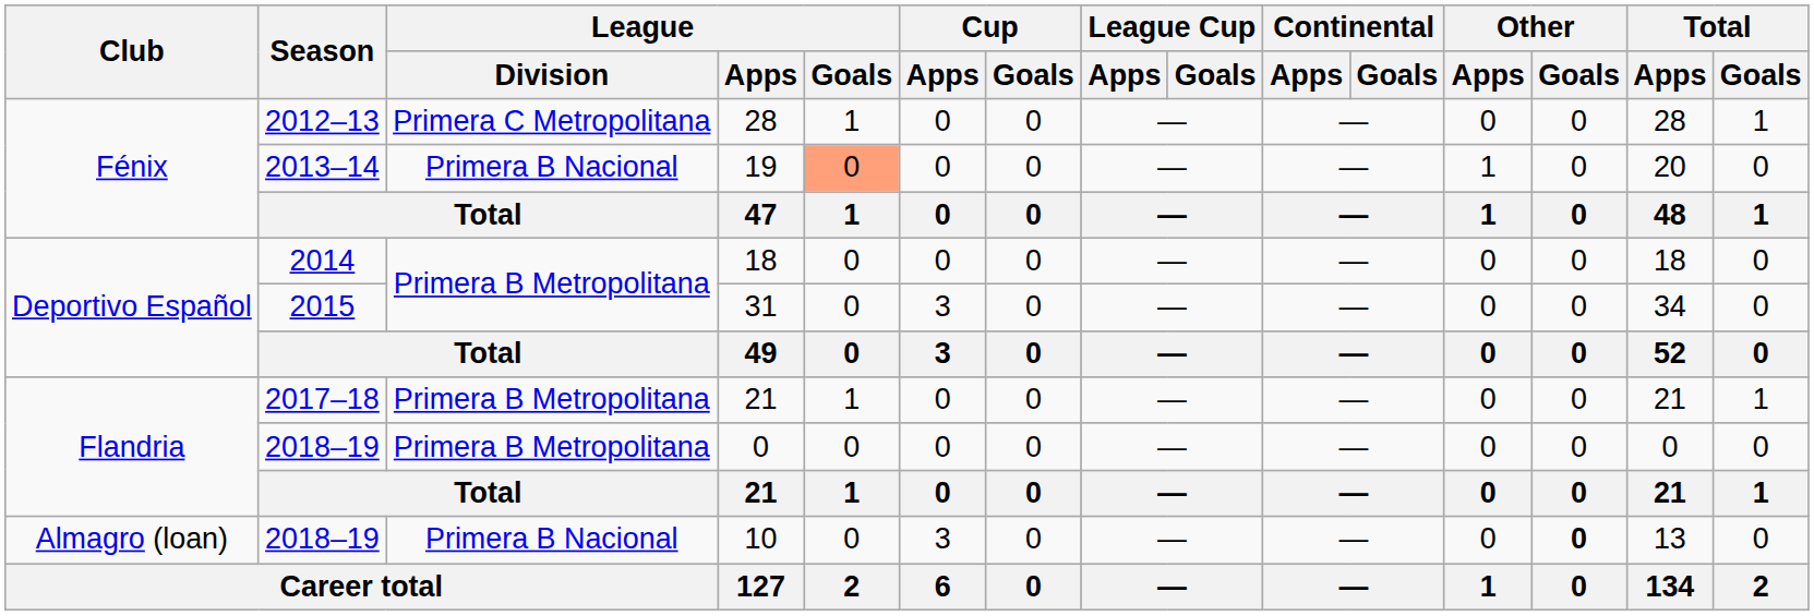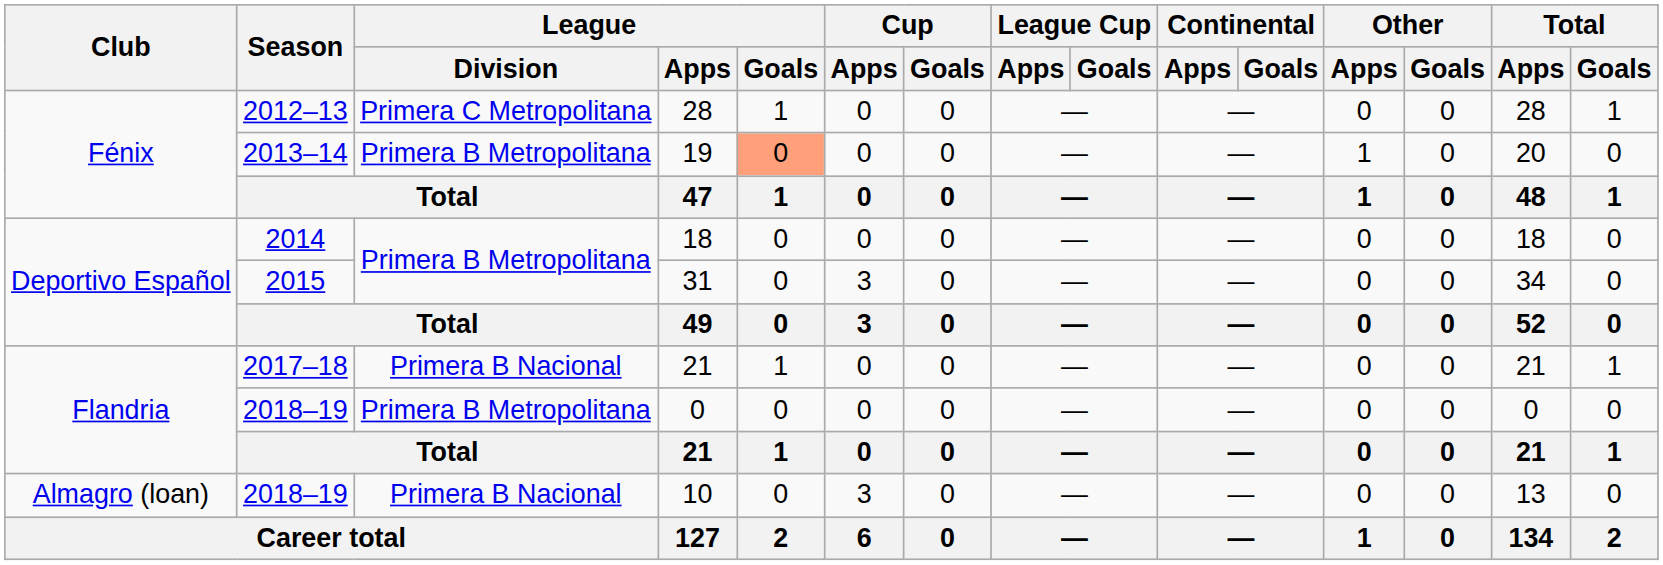 <table class="wikitable" style="text-align:center">
 <tr>
 <th rowspan="2">Club</th>
 <th rowspan="2">Season</th>
 <th colspan="3">League</th>
 <th colspan="2">Cup</th>
 <th colspan="2">League Cup</th>
 <th colspan="2">Continental</th>
 <th colspan="2">Other</th>
 <th colspan="2">Total</th>
 </tr>
 <tr>
 <th>Division</th>
 <th>Apps</th>
 <th>Goals</th>
 <th>Apps</th>
 <th>Goals</th>
 <th>Apps</th>
 <th>Goals</th>
 <th>Apps</th>
 <th>Goals</th>
 <th>Apps</th>
 <th>Goals</th>
 <th>Apps</th>
 <th>Goals</th>
 </tr>
 <tr>
 <td rowspan="3"><a href='#'>Fénix</a></td>
 <td><a href='#'>2012–13</a></td>
 <td rowspan="1"><a href='#'>Primera C Metropolitana</a></td>
 <td>28</td>
 <td>1</td>
 <td>0</td>
 <td>0</td>
 <td colspan="2">—</td>
 <td colspan="2">—</td>
 <td>0</td>
 <td>0</td>
 <td>28</td>
 <td>1</td>
 </tr>
 <tr>
 <td><a href='#'>2013–14</a></td>
-<td rowspan="1"><a href='#'>Primera B Nacional</a></td>
+<td rowspan="1"><a href='#'>Primera B Metropolitana</a></td>
 <td>19</td>
 <td style="background: lightsalmon;">0</td>
 <td>0</td>
 <td>0</td>
 <td colspan="2">—</td>
 <td colspan="2">—</td>
 <td>1</td>
 <td>0</td>
 <td>20</td>
 <td>0</td>
 </tr>
 <tr>
 <th colspan="2">Total</th>
 <th>47</th>
 <th>1</th>
 <th>0</th>
 <th>0</th>
 <th colspan="2">—</th>
 <th colspan="2">—</th>
 <th>1</th>
 <th>0</th>
 <th>48</th>
 <th>1</th>
 </tr>
 <tr>
 <td rowspan="3"><a href='#'>Deportivo Español</a></td>
 <td><a href='#'>2014</a></td>
 <td rowspan="2"><a href='#'>Primera B Metropolitana</a></td>
 <td>18</td>
 <td>0</td>
 <td>0</td>
 <td>0</td>
 <td colspan="2">—</td>
 <td colspan="2">—</td>
 <td>0</td>
 <td>0</td>
 <td>18</td>
 <td>0</td>
 </tr>
 <tr>
 <td><a href='#'>2015</a></td>
 <td>31</td>
 <td>0</td>
 <td>3</td>
 <td>0</td>
 <td colspan="2">—</td>
 <td colspan="2">—</td>
 <td>0</td>
 <td>0</td>
 <td>34</td>
 <td>0</td>
 </tr>
 <tr>
 <th colspan="2">Total</th>
 <th>49</th>
 <th>0</th>
 <th>3</th>
 <th>0</th>
 <th colspan="2">—</th>
 <th colspan="2">—</th>
 <th>0</th>
 <th>0</th>
 <th>52</th>
 <th>0</th>
 </tr>
 <tr>
 <td rowspan="3"><a href='#'>Flandria</a></td>
 <td><a href='#'>2017–18</a></td>
-<td rowspan="1"><a href='#'>Primera B Metropolitana</a></td>
+<td rowspan="1"><a href='#'>Primera B Nacional</a></td>
 <td>21</td>
 <td>1</td>
 <td>0</td>
 <td>0</td>
 <td colspan="2">—</td>
 <td colspan="2">—</td>
 <td>0</td>
 <td>0</td>
 <td>21</td>
 <td>1</td>
 </tr>
 <tr>
 <td><a href='#'>2018–19</a></td>
 <td rowspan="1"><a href='#'>Primera B Metropolitana</a></td>
 <td>0</td>
 <td>0</td>
 <td>0</td>
 <td>0</td>
 <td colspan="2">—</td>
 <td colspan="2">—</td>
 <td>0</td>
 <td>0</td>
 <td>0</td>
 <td>0</td>
 </tr>
 <tr>
 <th colspan="2">Total</th>
 <th>21</th>
 <th>1</th>
 <th>0</th>
 <th>0</th>
 <th colspan="2">—</th>
 <th colspan="2">—</th>
 <th>0</th>
 <th>0</th>
 <th>21</th>
 <th>1</th>
 </tr>
 <tr>
 <td rowspan="1"><a href='#'>Almagro</a> (loan)</td>
 <td><a href='#'>2018–19</a></td>
 <td rowspan="1"><a href='#'>Primera B Nacional</a></td>
 <td>10</td>
 <td>0</td>
 <td>3</td>
 <td>0</td>
 <td colspan="2">—</td>
 <td colspan="2">—</td>
 <td>0</td>
-<td><strong>0</strong></td>
+<td>0</td>
 <td>13</td>
 <td>0</td>
 </tr>
 <tr>
 <th colspan="3">Career total</th>
 <th>127</th>
 <th>2</th>
 <th>6</th>
 <th>0</th>
 <th colspan="2">—</th>
 <th colspan="2">—</th>
 <th>1</th>
 <th>0</th>
 <th>134</th>
 <th>2</th>
 </tr>
 </table>
